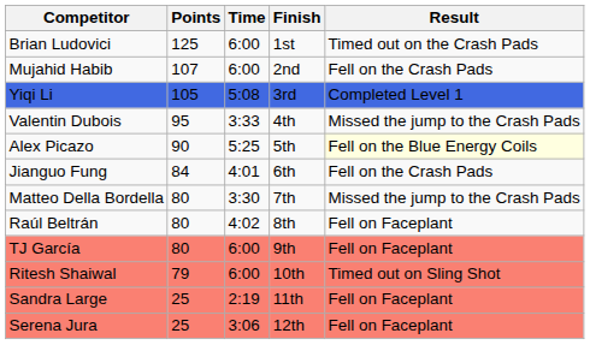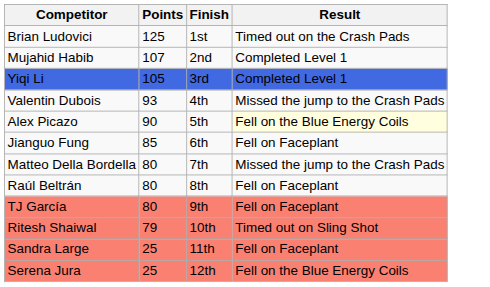 <table class="wikitable sortable">
 <tr>
 <th>Competitor</th>
 <th>Points</th>
-<th>Time</th>
 <th>Finish</th>
 <th>Result</th>
 </tr>
 <tr>
 <td> Brian Ludovici</td>
 <td>125</td>
-<td>6:00</td>
 <td>1st</td>
 <td>Timed out on the Crash Pads</td>
 </tr>
 <tr>
 <td> Mujahid Habib</td>
 <td>107</td>
-<td>6:00</td>
 <td>2nd</td>
-<td>Fell on the Crash Pads</td>
+<td>Completed Level 1</td>
 </tr>
 <tr style="background:royalblue;">
 <td> Yiqi Li</td>
 <td>105</td>
-<td>5:08</td>
 <td>3rd</td>
 <td>Completed Level 1</td>
 </tr>
 <tr>
 <td> Valentin Dubois</td>
-<td>95</td>
-<td>3:33</td>
+<td>93</td>
 <td>4th</td>
 <td>Missed the jump to the Crash Pads</td>
 </tr>
 <tr>
 <td> Alex Picazo</td>
 <td>90</td>
-<td>5:25</td>
 <td>5th</td>
 <td style="background: lightyellow;">Fell on the Blue Energy Coils</td>
 </tr>
 <tr>
 <td> Jianguo Fung</td>
-<td>84</td>
-<td>4:01</td>
+<td>85</td>
 <td>6th</td>
-<td>Fell on the Crash Pads</td>
+<td>Fell on Faceplant</td>
 </tr>
 <tr>
 <td> Matteo Della Bordella</td>
 <td>80</td>
-<td>3:30</td>
 <td>7th</td>
 <td>Missed the jump to the Crash Pads</td>
 </tr>
 <tr>
 <td> Raúl Beltrán</td>
 <td>80</td>
-<td>4:02</td>
 <td>8th</td>
 <td>Fell on Faceplant</td>
 </tr>
 <tr style="background-color:#fa8072">
 <td> TJ García</td>
 <td>80</td>
-<td>6:00</td>
 <td>9th</td>
 <td>Fell on Faceplant</td>
 </tr>
 <tr style="background-color:#fa8072">
 <td> Ritesh Shaiwal</td>
 <td>79</td>
-<td>6:00</td>
 <td>10th</td>
 <td>Timed out on Sling Shot</td>
 </tr>
 <tr style="background-color:#fa8072">
 <td> Sandra Large</td>
 <td>25</td>
-<td>2:19</td>
 <td>11th</td>
 <td>Fell on Faceplant</td>
 </tr>
 <tr style="background-color:#fa8072">
 <td> Serena Jura</td>
 <td>25</td>
-<td>3:06</td>
 <td>12th</td>
-<td>Fell on Faceplant</td>
+<td>Fell on the Blue Energy Coils</td>
 </tr>
 </table>
